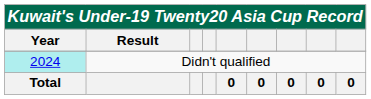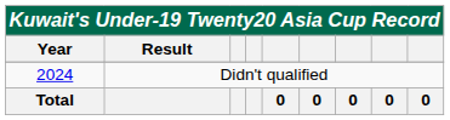 <table class="wikitable" style="text-align:center">
 <tr>
 <th style="color:white; background:#006A4E;" colspan=9><strong><big><em>Kuwait's  Under-19 Twenty20 Asia Cup Record</em></big></strong></th>
 </tr>
 <tr>
 <th>Year</th>
 <th>Result</th>
 <th></th>
 <th></th>
 <th></th>
 <th></th>
 <th></th>
 <th></th>
 <th></th>
 </tr>
 <tr bgcolor=pink>
 </tr>
 <tr>
-<td style="background: paleturquoise;"> <a href='#'>2024</a></td>
+<td> <a href='#'>2024</a></td>
 <td colspan="8">Didn't qualified</td>
 </tr>
 <tr>
 <th>Total</th>
 <th></th>
 <th></th>
 <th></th>
 <th>0</th>
 <th>0</th>
 <th>0</th>
 <th>0</th>
 <th>0</th>
 </tr>
 </table>
